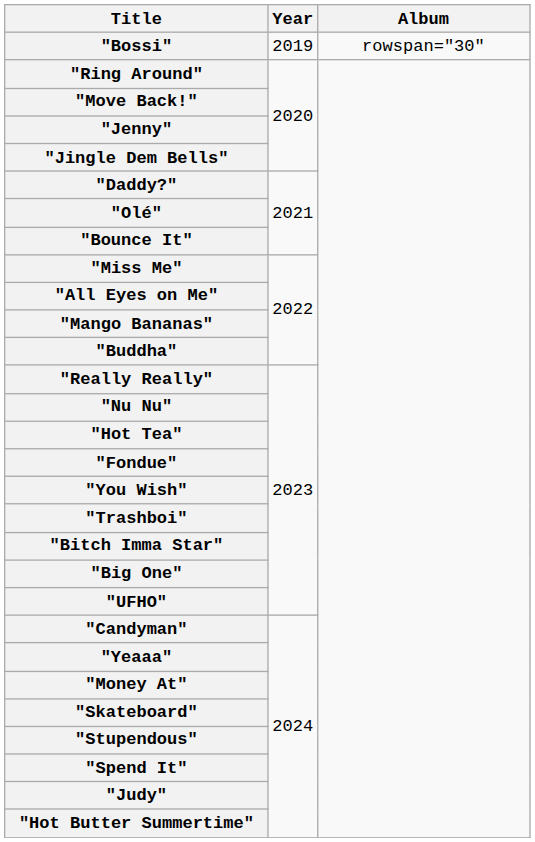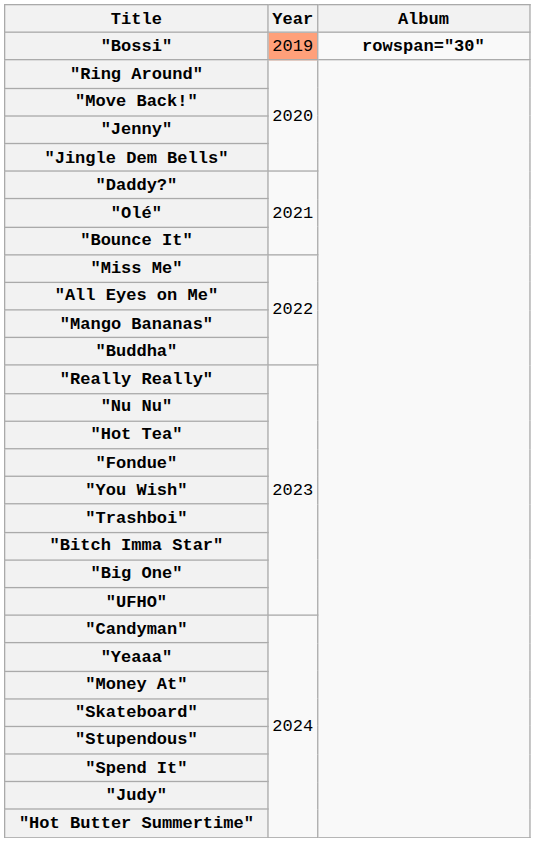 <table class="wikitable plainrowheaders" style="text-align:center;">
 <tr>
 <th scope="col" style="width:15em;">Title</th>
 <th scope="col" style="width:1em;">Year</th>
 <th scope="col" style="width:12em;">Album</th>
 </tr>
 <tr>
 <th scope="row">"Bossi"</th>
-<td>2019</td>
-<td>rowspan="30" </td>
+<td style="background: lightsalmon;">2019</td>
+<td><strong>rowspan="30" </strong></td>
 </tr>
 <tr>
 <th scope="row">"Ring Around"</th>
 <td rowspan="4">2020</td>
 </tr>
 <tr>
 <th scope="row">"Move Back!"</th>
 </tr>
 <tr>
 <th scope="row">"Jenny"</th>
 </tr>
 <tr>
 <th scope="row">"Jingle Dem Bells"</th>
 </tr>
 <tr>
 <th scope="row">"Daddy?"</th>
 <td rowspan="3">2021</td>
 </tr>
 <tr>
 <th scope="row">"Olé"</th>
 </tr>
 <tr>
 <th scope="row">"Bounce It"</th>
 </tr>
 <tr>
 <th scope="row">"Miss Me"</th>
 <td rowspan="4">2022</td>
 </tr>
 <tr>
 <th scope="row">"All Eyes on Me"<br></th>
 </tr>
 <tr>
 <th scope="row">"Mango Bananas"</th>
 </tr>
 <tr>
 <th scope="row">"Buddha"</th>
 </tr>
 <tr>
 <th scope="row">"Really Really"</th>
 <td rowspan="9">2023</td>
 </tr>
 <tr>
 <th scope="row">"Nu Nu"</th>
 </tr>
 <tr>
 <th scope="row">"Hot Tea"</th>
 </tr>
 <tr>
 <th scope="row">"Fondue"</th>
 </tr>
 <tr>
 <th scope="row">"You Wish"<br></th>
 </tr>
 <tr>
 <th scope="row">"Trashboi"</th>
 </tr>
 <tr>
 <th scope="row">"Bitch Imma Star"</th>
 </tr>
 <tr>
 <th scope="row">"Big One"</th>
 </tr>
 <tr>
 <th scope="row">"UFHO"</th>
 </tr>
 <tr>
 <th scope="row">"Candyman"</th>
 <td rowspan="8">2024</td>
 </tr>
 <tr>
 <th scope="row">"Yeaaa"</th>
 </tr>
 <tr>
 <th scope="row">"Money At"</th>
 </tr>
 <tr>
 <th scope="row">"Skateboard"</th>
 </tr>
 <tr>
 <th scope="row">"Stupendous"</th>
 </tr>
 <tr>
 <th scope="row">"Spend It"</th>
 </tr>
 <tr>
 <th scope="row">"Judy"</th>
 </tr>
 <tr>
 <th scope="row">"Hot Butter Summertime"</th>
 </tr>
 </table>
